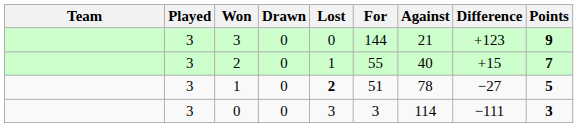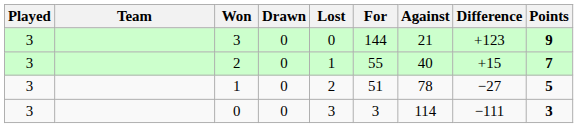 <table class="wikitable" style="text-align:center">
 <tr>
+<th width=40>Played</th>
 <th width=165>Team</th>
-<th width=40>Played</th>
 <th width=40>Won</th>
 <th width=40>Drawn</th>
 <th width=40>Lost</th>
 <th width=40>For</th>
 <th width=40>Against</th>
 <th width=40>Difference</th>
 <th width=40>Points</th>
 </tr>
 <tr bgcolor=#ccffcc>
+<td>3</td>
 <td style="text-align:left"></td>
-<td>3</td>
 <td>3</td>
 <td>0</td>
 <td>0</td>
 <td>144</td>
 <td>21</td>
 <td>+123</td>
 <td><strong>9</strong></td>
 </tr>
 <tr bgcolor=#ccffcc>
+<td>3</td>
 <td style="text-align:left"></td>
-<td>3</td>
 <td>2</td>
 <td>0</td>
 <td>1</td>
 <td>55</td>
 <td>40</td>
 <td>+15</td>
 <td><strong>7</strong></td>
 </tr>
 <tr>
+<td>3</td>
 <td style="text-align:left"></td>
-<td>3</td>
 <td>1</td>
 <td>0</td>
-<td><strong>2</strong></td>
+<td>2</td>
 <td>51</td>
 <td>78</td>
 <td>−27</td>
 <td><strong>5</strong></td>
 </tr>
 <tr>
+<td>3</td>
 <td style="text-align:left"></td>
-<td>3</td>
 <td>0</td>
 <td>0</td>
 <td>3</td>
 <td>3</td>
 <td>114</td>
 <td>−111</td>
 <td><strong>3</strong></td>
 </tr>
 </table>
